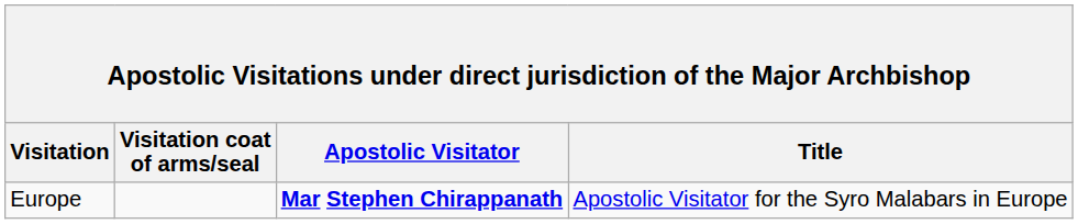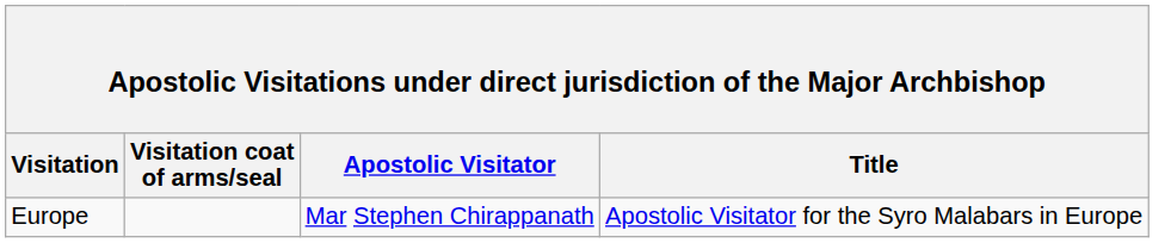 <table class="wikitable sortable">
 <tr>
 <th colspan="4"><br><h3>Apostolic Visitations under direct jurisdiction of the Major Archbishop</h3></th>
 </tr>
 <tr>
 <th>Visitation</th>
 <th>Visitation coat<br>of arms/seal</th>
 <th><a href='#'>Apostolic Visitator</a></th>
 <th>Title</th>
 </tr>
 <tr>
 <td>Europe</td>
 <td></td>
-<td><strong><a href='#'>Mar</a> <a href='#'>Stephen Chirappanath</a></strong></td>
+<td><a href='#'>Mar</a> <a href='#'>Stephen Chirappanath</a></td>
 <td><a href='#'>Apostolic Visitator</a> for the Syro Malabars in Europe</td>
 </tr>
 </table>
